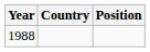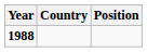 <table class="wikitable">
 <tr>
 <th>Year</th>
 <th>Country</th>
 <th>Position</th>
 </tr>
 <tr>
-<td>1988</td>
+<td><strong>1988</strong></td>
 <td></td>
 </tr>
 </table>
